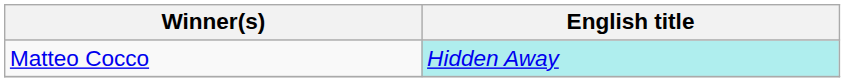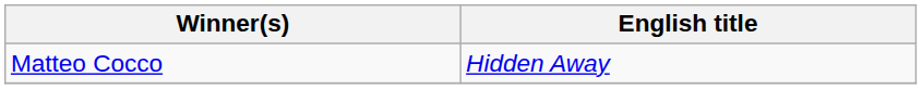 <table class="wikitable" width="95%" cellpadding="5">
 <tr>
 <th width="18%">Winner(s)</th>
 <th width="18%">English title</th>
 </tr>
 <tr>
 <td>  <a href='#'>Matteo Cocco</a></td>
-<td style="background: paleturquoise;"><em><a href='#'>Hidden Away</a></em></td>
+<td><em><a href='#'>Hidden Away</a></em></td>
 </tr>
 <tr>
 </tr>
 </table>
